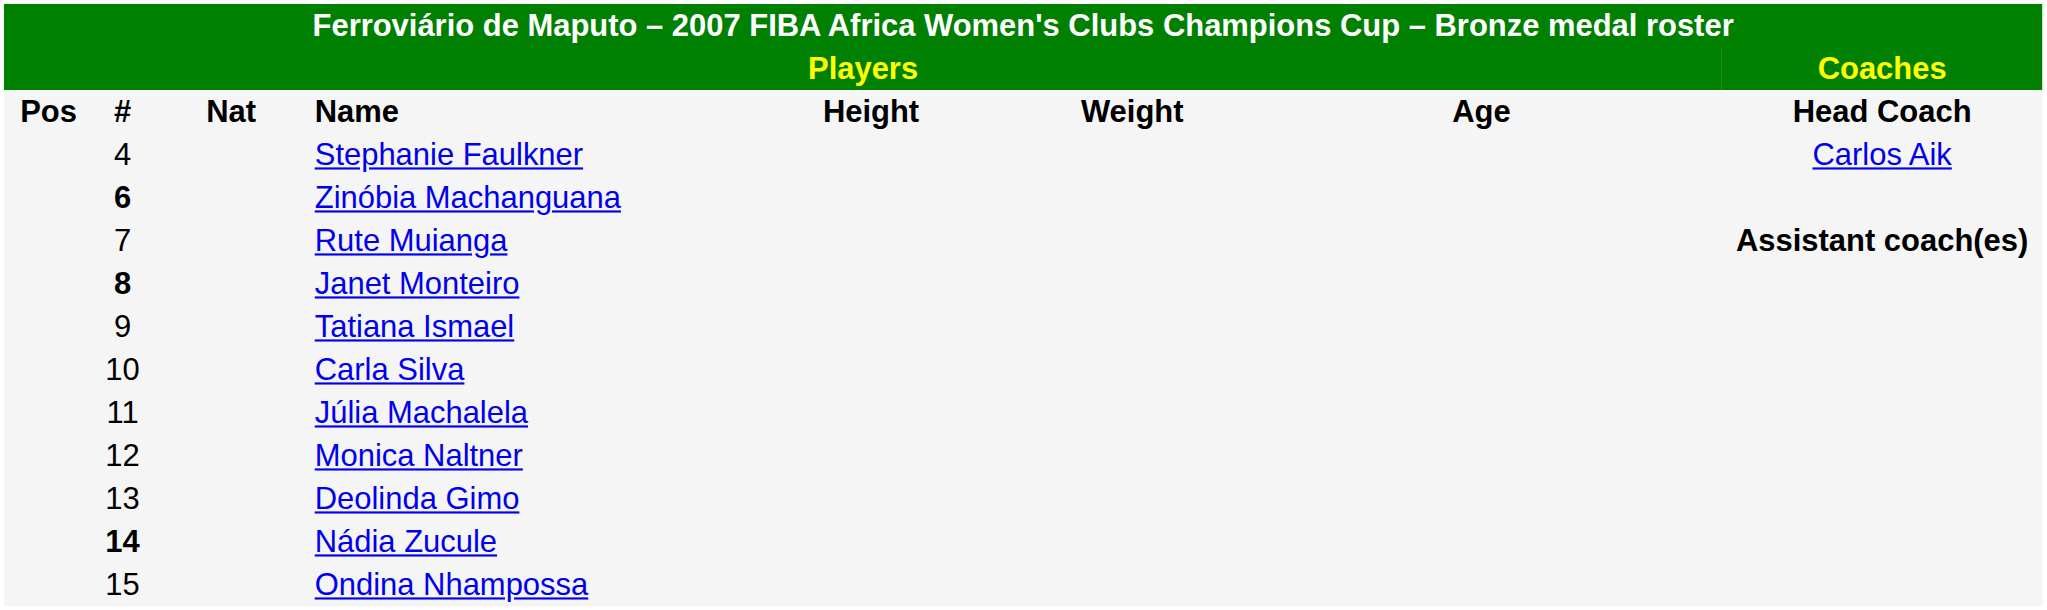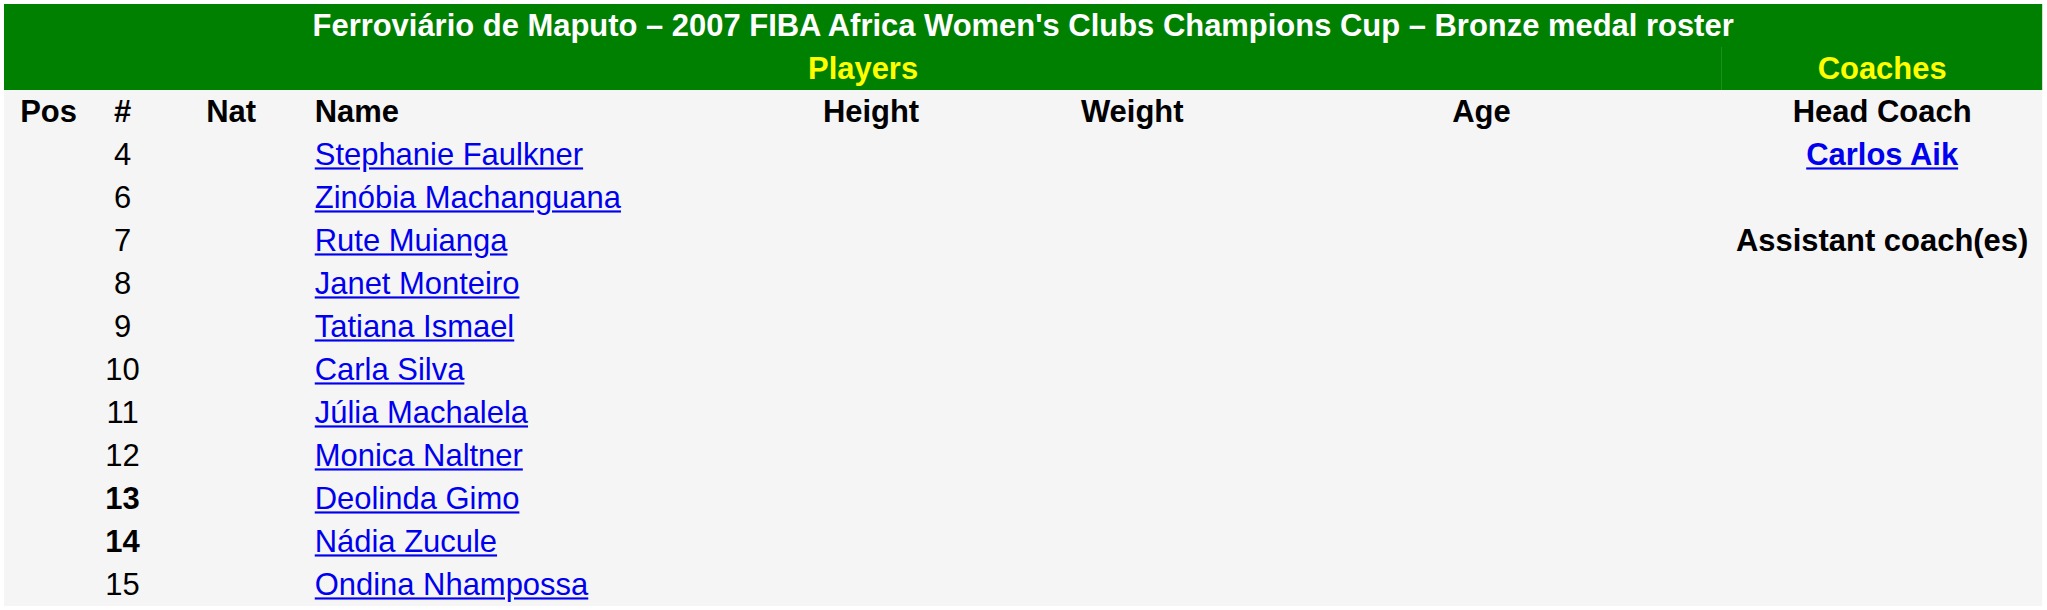 <table border=0 cellpadding=2 cellspacing=0  |- bgcolor=#f5f5f5 style="text-align:center; font-size:90%;" width=75%>
 <tr>
 <td colspan="8" style="background: green; color: white"><strong>Ferroviário de Maputo – 2007 FIBA Africa Women's Clubs Champions Cup – Bronze medal roster</strong></td>
 </tr>
 <tr>
 <td colspan="7" style="background: green; color: yellow"><strong>Players</strong></td>
 <td style="background: green; color: yellow"><strong>Coaches</strong></td>
 </tr>
 <tr style="background=#f5f5f5; color: black">
 <th width=5px>Pos</th>
 <th width=5px>#</th>
 <th width=50px>Nat</th>
 <th width=135px align=left>Name</th>
 <th width=100px>Height</th>
 <th width=70px>Weight</th>
 <th width=160px>Age</th>
 <th width=105px>Head Coach</th>
 </tr>
 <tr>
 <td></td>
 <td>4</td>
 <td></td>
 <td align=left><a href='#'>Stephanie Faulkner</a></td>
 <td></td>
 <td></td>
 <td><span></span></td>
-<td> <a href='#'>Carlos Aik</a></td>
+<td><strong> <a href='#'>Carlos Aik</a></strong></td>
 </tr>
 <tr>
 <td></td>
-<td><strong>6</strong></td>
+<td>6</td>
 <td></td>
 <td align=left><a href='#'>Zinóbia Machanguana</a></td>
 <td></td>
 <td></td>
 <td><span></span></td>
 </tr>
 <tr>
 <td></td>
 <td>7</td>
 <td></td>
 <td align=left><a href='#'>Rute Muianga</a></td>
 <td></td>
 <td></td>
 <td><span></span></td>
 <td><strong>Assistant coach(es)</strong></td>
 </tr>
 <tr>
 <td></td>
-<td><strong>8</strong></td>
+<td>8</td>
 <td></td>
 <td align=left><a href='#'>Janet Monteiro</a></td>
 <td></td>
 <td></td>
 <td><span></span></td>
 <td></td>
 </tr>
 <tr>
 <td></td>
 <td>9</td>
 <td></td>
 <td align=left><a href='#'>Tatiana Ismael</a></td>
 <td></td>
 <td></td>
 <td><span></span></td>
 </tr>
 <tr>
 <td></td>
 <td>10</td>
 <td></td>
 <td align=left><a href='#'>Carla Silva</a></td>
 <td></td>
 <td></td>
 <td><span></span></td>
 </tr>
 <tr>
 <td></td>
 <td>11</td>
 <td></td>
 <td align=left><a href='#'>Júlia Machalela</a></td>
 <td></td>
 <td></td>
 <td><span></span></td>
 </tr>
 <tr>
 <td></td>
 <td>12</td>
 <td></td>
 <td align=left><a href='#'>Monica Naltner</a></td>
 <td></td>
 <td></td>
 <td><span></span></td>
 </tr>
 <tr>
 <td></td>
-<td>13</td>
+<td><strong>13</strong></td>
 <td></td>
 <td align=left><a href='#'>Deolinda Gimo</a></td>
 <td></td>
 <td></td>
 <td><span></span></td>
 </tr>
 <tr>
 <td></td>
 <td><strong>14</strong></td>
 <td></td>
 <td align=left><a href='#'>Nádia Zucule</a></td>
 <td></td>
 <td></td>
 <td><span></span></td>
 </tr>
 <tr>
 <td></td>
 <td>15</td>
 <td></td>
 <td align=left><a href='#'>Ondina Nhampossa</a></td>
 <td></td>
 <td></td>
 <td><span></span></td>
 </tr>
 </table>
